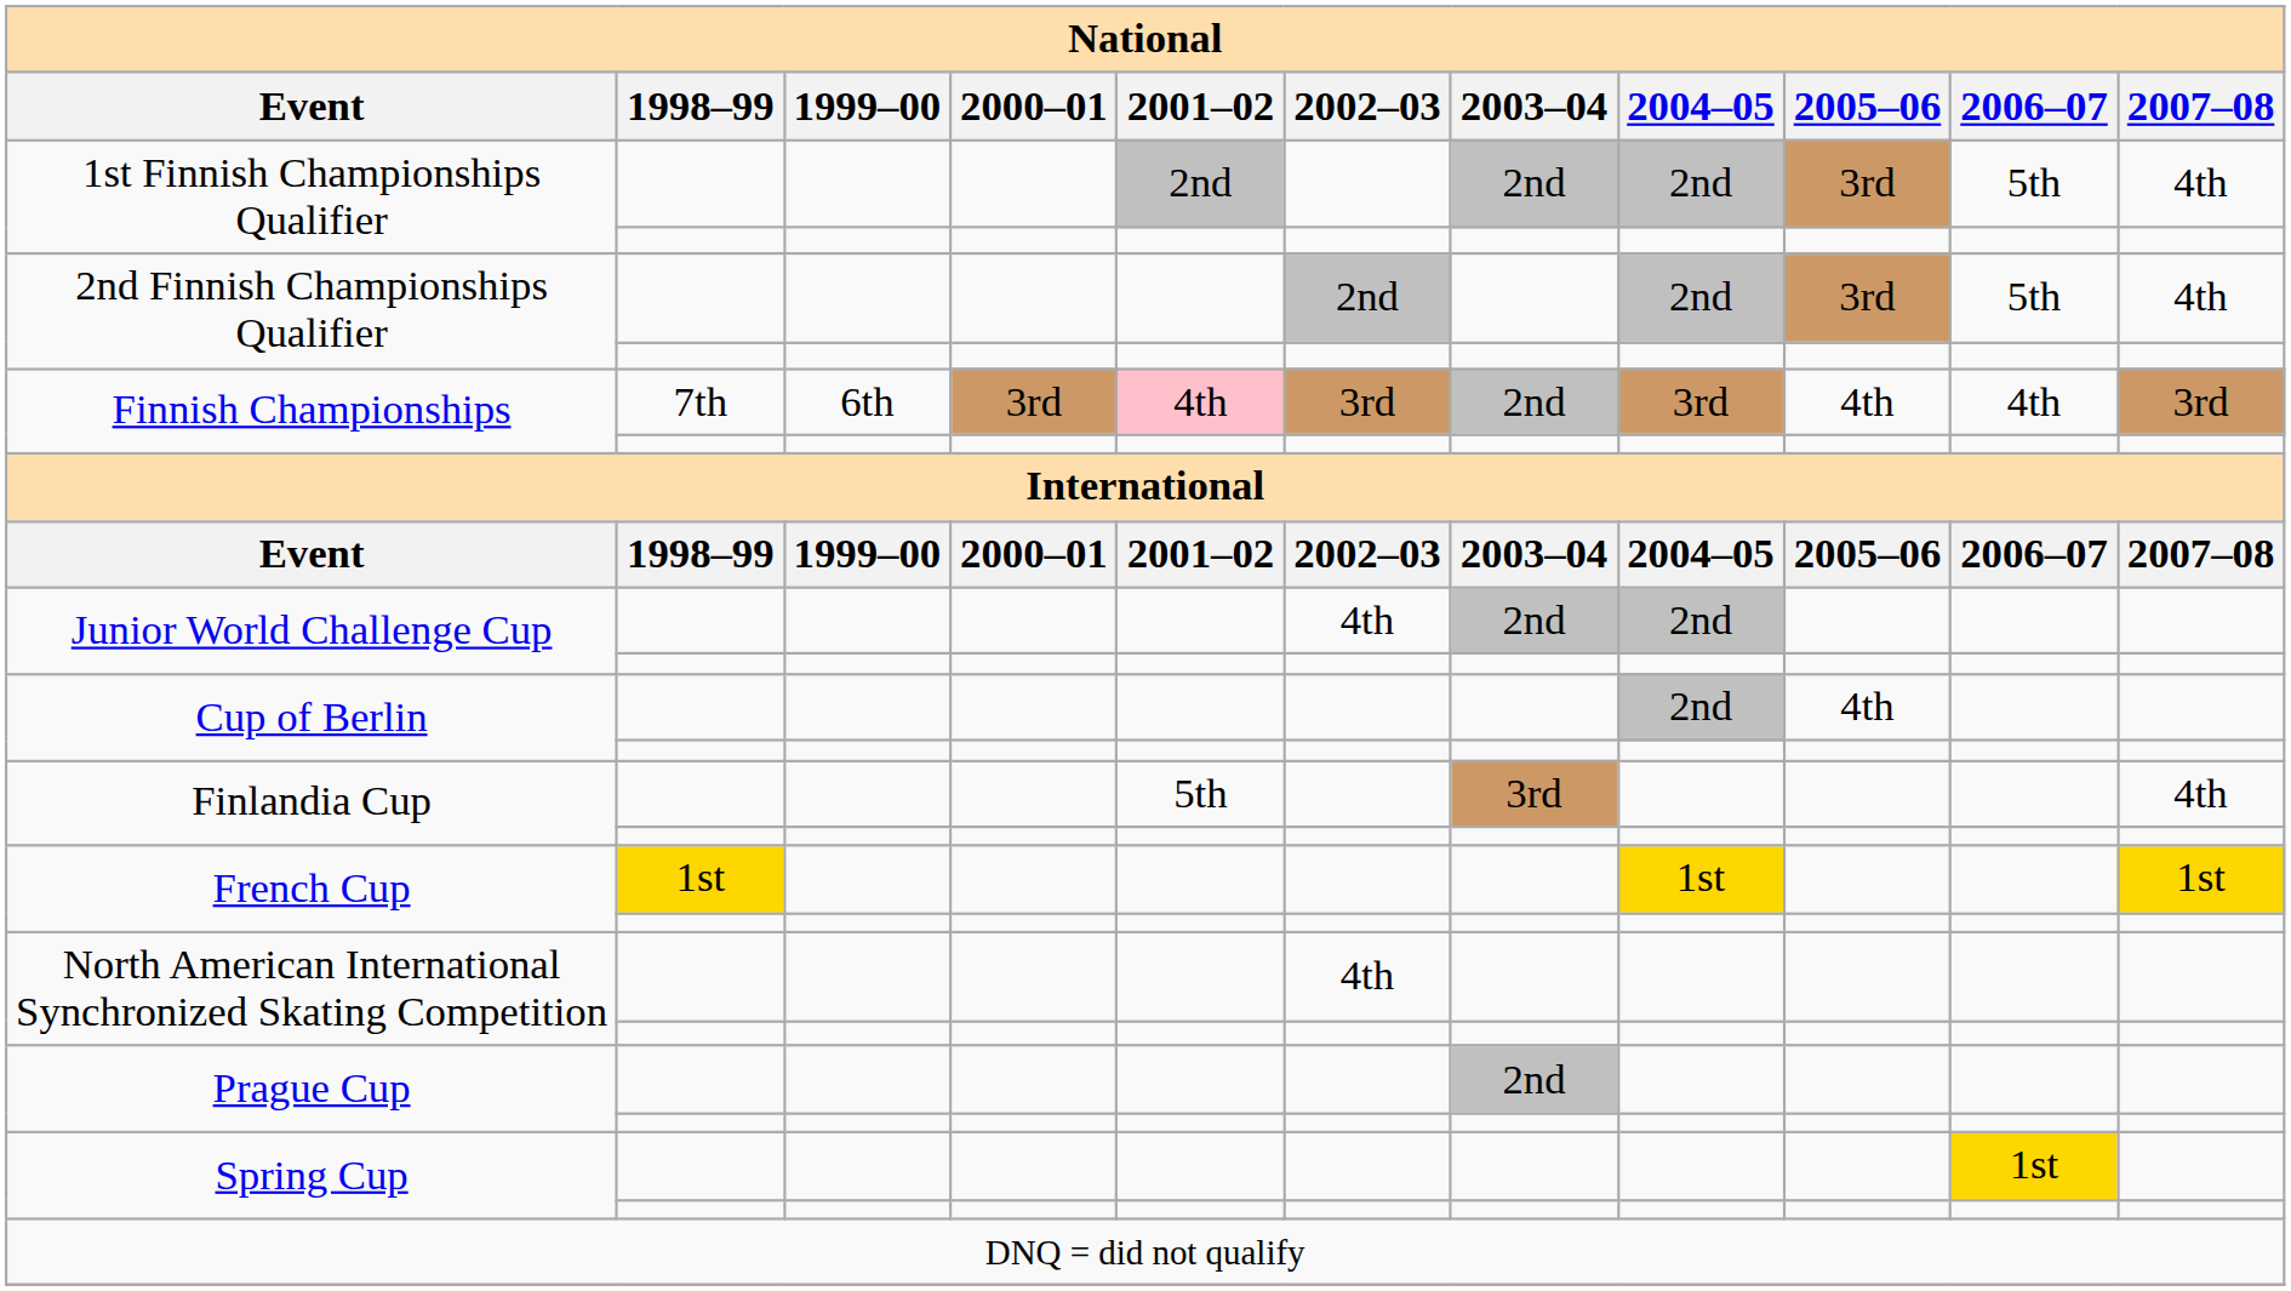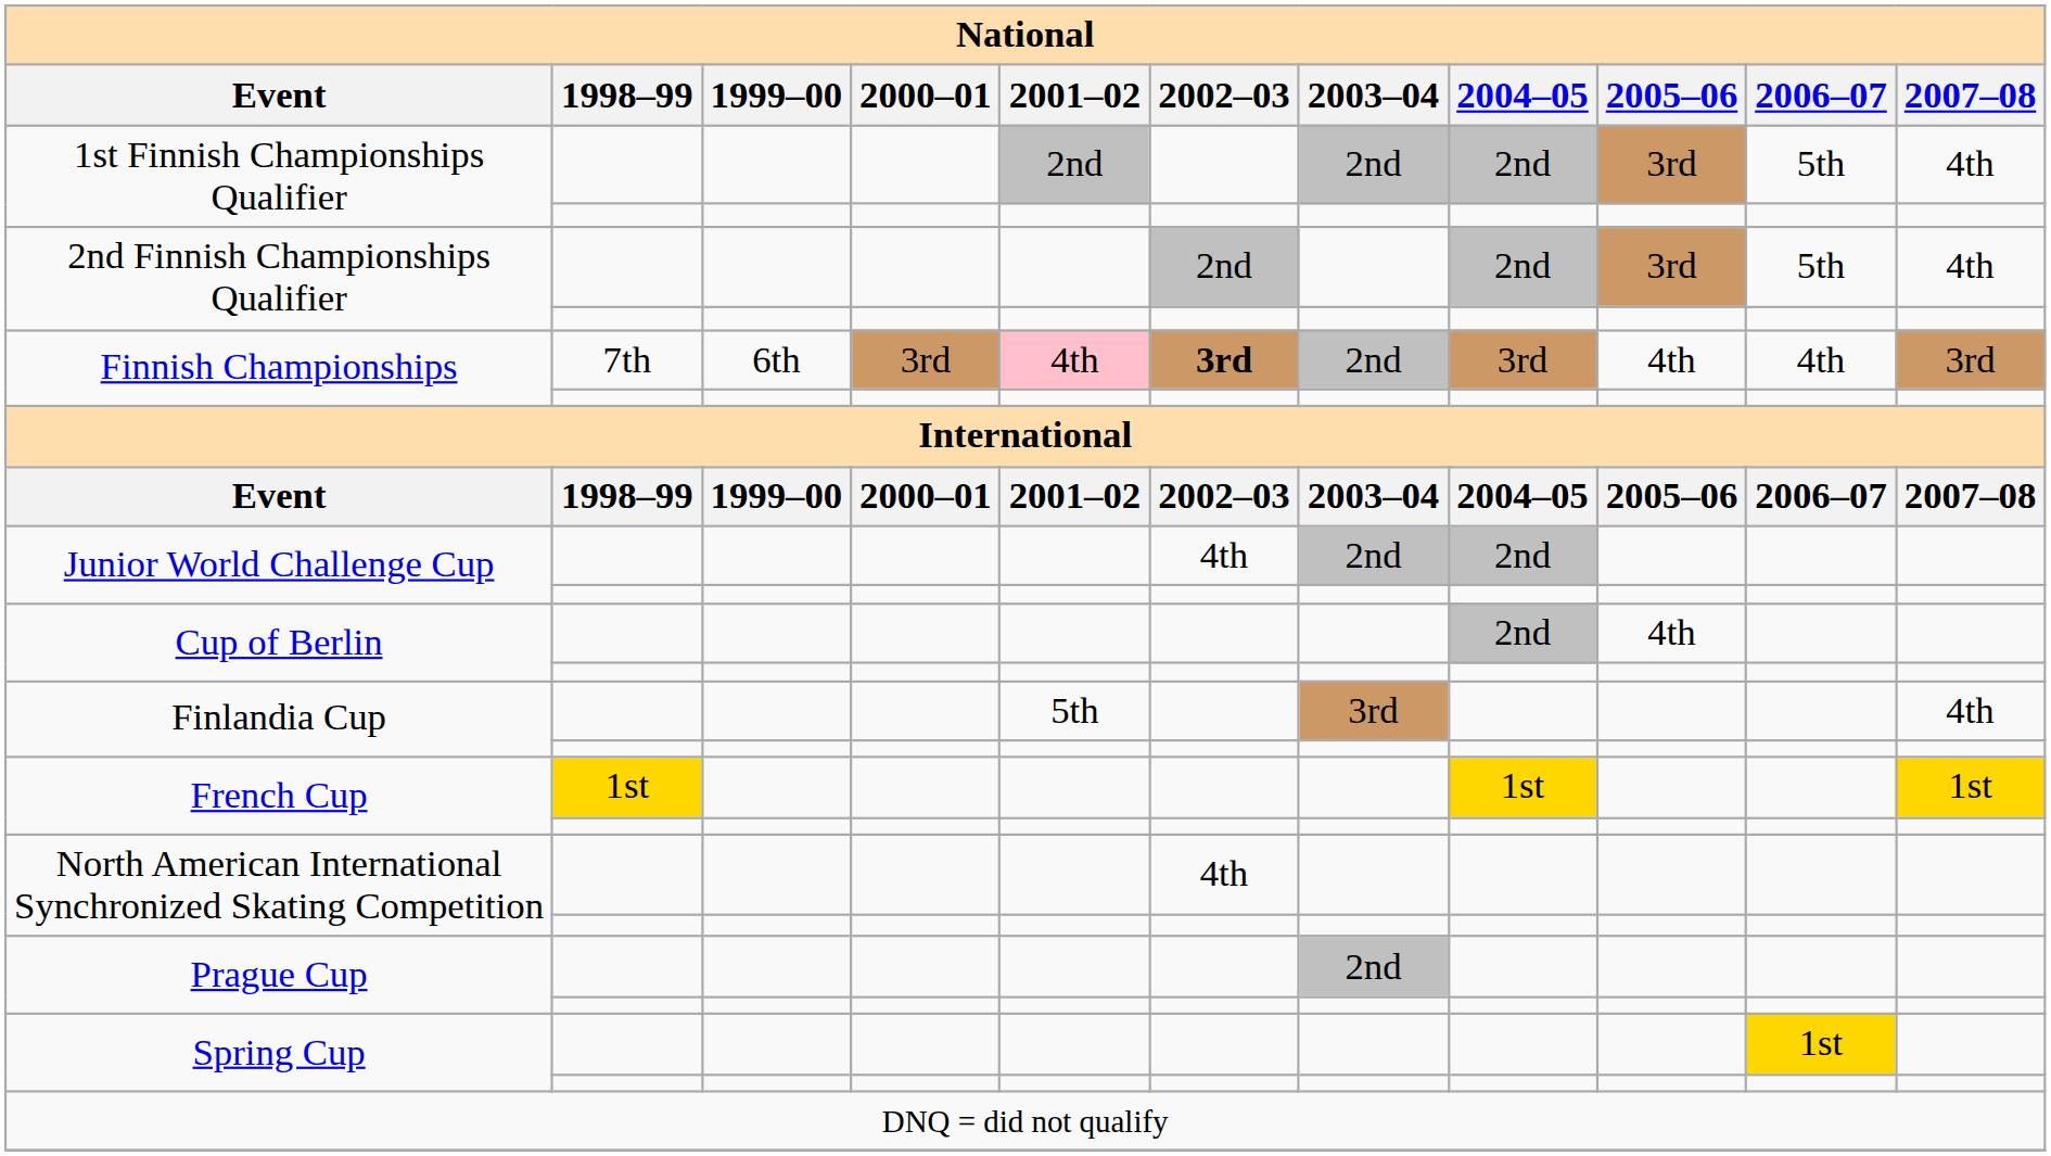 <table class="wikitable">
 <tr>
 <th style="background-color: #ffdead; " colspan="11" align="center"><strong>National</strong></th>
 </tr>
 <tr>
 <th>Event</th>
 <th>1998–99</th>
 <th>1999–00</th>
 <th>2000–01</th>
 <th>2001–02</th>
 <th>2002–03</th>
 <th>2003–04</th>
 <th><a href='#'>2004–05</a></th>
 <th><a href='#'>2005–06</a></th>
 <th><a href='#'>2006–07</a></th>
 <th><a href='#'>2007–08</a></th>
 </tr>
 <tr>
 <td align="center" rowspan="2">1st Finnish Championships<br>Qualifier</td>
 <td 1998-99 align="center"></td>
 <td 1999-00 align="center"></td>
 <td 2000-01 align="center"></td>
 <td 2001-02 align="center" bgcolor="silver">2nd</td>
 <td 2002-03 align="center"></td>
 <td 2003-04 align="center" bgcolor="silver">2nd</td>
 <td 2004-05 align="center" bgcolor="silver">2nd</td>
 <td 2005-06 align="center" bgcolor="cc9966">3rd</td>
 <td 2006-07 align="center">5th</td>
 <td 2007-08 align="center">4th</td>
 </tr>
 <tr>
 <td 1998-99 align="center"></td>
 <td 1999-00 align="center"></td>
 <td 2000-01 align="center"></td>
 <td 2001-02 align="center"></td>
 <td 2002-03 align="center"></td>
 <td 2003-04 align="center"></td>
 <td 2004-05 align="center"></td>
 <td 2005-06 align="center"></td>
 <td 2006-07 align="center"></td>
 <td 2007-08 align="center"></td>
 </tr>
 <tr>
 <td align="center" rowspan="2">2nd Finnish Championships<br>Qualifier</td>
 <td 1998-99 align="center"></td>
 <td 1999-00 align="center"></td>
 <td 2000-01 align="center"></td>
 <td 2001-02 align="center"></td>
 <td 2002-03 align="center" bgcolor="silver">2nd</td>
 <td 2003-04 align="center"></td>
 <td 2004-05 align="center" bgcolor="silver">2nd</td>
 <td 2005-06 align="center" bgcolor="cc9966">3rd</td>
 <td 2006-07 align="center">5th</td>
 <td 2007-08 align="center">4th</td>
 </tr>
 <tr>
 <td 1998-99 align="center"></td>
 <td 1999-00 align="center"></td>
 <td 2000-01 align="center"></td>
 <td 2001-02 align="center"></td>
 <td 2002-03 align="center"></td>
 <td 2003-04 align="center"></td>
 <td 2004-05 align="center"></td>
 <td 2005-06 align="center"></td>
 <td 2006-07 align="center"></td>
 <td 2007-08 align="center"></td>
 </tr>
 <tr>
 <td align="center" rowspan="2"><a href='#'>Finnish Championships</a></td>
 <td 1998-99 align="center">7th</td>
 <td 1999-00 align="center">6th</td>
 <td 2000-01 align="center" bgcolor="cc9966">3rd</td>
 <td 2001-02 align="center" style="background: pink;">4th</td>
-<td 2002-03 align="center" bgcolor="cc9966">3rd</td>
+<td 2002-03 align="center" bgcolor="cc9966"><strong>3rd</strong></td>
 <td 2003-04 align="center" bgcolor="silver">2nd</td>
 <td 2004-05 align="center" bgcolor="cc9966">3rd</td>
 <td 2005-06 align="center">4th</td>
 <td 2006-07 align="center">4th</td>
 <td 2007-08 align="center" bgcolor="cc9966">3rd</td>
 </tr>
 <tr>
 <td 1998-99 align="center"></td>
 <td 1999-00 align="center"></td>
 <td 2000-01 align="center"></td>
 <td 2001-02 align="center"></td>
 <td 2002-03 align="center"></td>
 <td 2003-04 align="center"></td>
 <td 2004-05 align="center"></td>
 <td 2005-06 align="center"></td>
 <td 2006-07 align="center"></td>
 <td 2007-08 align="center"></td>
 </tr>
 <tr>
 <th style="background-color: #ffdead; " colspan="11" align=center><strong>International</strong></th>
 </tr>
 <tr>
 <th>Event</th>
 <th>1998–99</th>
 <th>1999–00</th>
 <th>2000–01</th>
 <th>2001–02</th>
 <th>2002–03</th>
 <th>2003–04</th>
 <th>2004–05</th>
 <th>2005–06</th>
 <th>2006–07</th>
 <th>2007–08</th>
 </tr>
 <tr>
 <td align="center" rowspan="2"><a href='#'>Junior World Challenge Cup</a></td>
 <td 1998-99 align="center"></td>
 <td 1999-00 align="center"></td>
 <td 2000-01 align="center"></td>
 <td 2001-02 align="center"></td>
 <td 2002-03 align="center">4th</td>
 <td 2003-04 align="center" bgcolor="silver">2nd</td>
 <td 2004-05 align="center" bgcolor="silver">2nd</td>
 <td 2005-06 align="center"></td>
 <td 2006-07 align="center"></td>
 <td 2007-08 align="center"></td>
 </tr>
 <tr>
 <td 1998-99 align="center"></td>
 <td 1999-00 align="center"></td>
 <td 2000-01 align="center"></td>
 <td 2001-02 align="center"></td>
 <td 2002-03 align="center"></td>
 <td 2003-04 align="center"></td>
 <td 2004-05 align="center"></td>
 <td 2005-06 align="center"></td>
 <td 2006-07 align="center"></td>
 <td 2007-08 align="center"></td>
 </tr>
 <tr>
 <td align="center" rowspan="2"><a href='#'>Cup of Berlin</a></td>
 <td 1998-99 align="center"></td>
 <td 1999-00 align="center"></td>
 <td 2000-01 align="center"></td>
 <td 2001-02 align="center"></td>
 <td 2002-03 align="center"></td>
 <td 2003-04 align="center"></td>
 <td 2004-05 align="center" bgcolor="silver">2nd</td>
 <td 2005-06 align="center">4th</td>
 <td 2006-07 align="center"></td>
 <td 2007-08 align="center"></td>
 </tr>
 <tr>
 <td 1998-99 align="center"></td>
 <td 1999-00 align="center"></td>
 <td 2000-01 align="center"></td>
 <td 2001-02 align="center"></td>
 <td 2002-03 align="center"></td>
 <td 2003-04 align="center"></td>
 <td 2004-05 align="center"></td>
 <td 2005-06 align="center"></td>
 <td 2006-07 align="center"></td>
 <td 2007-08 align="center"></td>
 </tr>
 <tr>
 <td align="center" rowspan="2">Finlandia Cup</td>
 <td 1998-99 align="center"></td>
 <td 1999-00 align="center"></td>
 <td 2000-01 align="center"></td>
 <td 2001-02 align="center">5th</td>
 <td 2002-03 align="center"></td>
 <td 2003-04 align="center" bgcolor="cc9966">3rd</td>
 <td 2004-05 align="center"></td>
 <td 2005-06 align="center"></td>
 <td 2006-07 align="center"></td>
 <td 2007-08 align="center">4th</td>
 </tr>
 <tr>
 <td 1998-99 align="center"></td>
 <td 1999-00 align="center"></td>
 <td 2000-01 align="center"></td>
 <td 2001-02 align="center"></td>
 <td 2002-03 align="center"></td>
 <td 2003-04 align="center"></td>
 <td 2004-05 align="center"></td>
 <td 2005-06 align="center"></td>
 <td 2006-07 align="center"></td>
 <td 2007-08 align="center"></td>
 </tr>
 <tr>
 <td align="center" rowspan="2"><a href='#'>French Cup</a></td>
 <td 1998-99 align="center" bgcolor="gold">1st</td>
 <td 1999-00 align="center"></td>
 <td 2000-01 align="center"></td>
 <td 2001-02 align="center"></td>
 <td 2002-03 align="center"></td>
 <td 2003-04 align="center"></td>
 <td 2004-05 align="center" bgcolor="gold">1st</td>
 <td 2005-06 align="center"></td>
 <td 2006-07 align="center"></td>
 <td 2007-08 align="center" bgcolor="gold">1st</td>
 </tr>
 <tr>
 <td 1998-99 align="center"></td>
 <td 1999-00 align="center"></td>
 <td 2000-01 align="center"></td>
 <td 2001-02 align="center"></td>
 <td 2002-03 align="center"></td>
 <td 2003-04 align="center"></td>
 <td 2004-05 align="center"></td>
 <td 2005-06 align="center"></td>
 <td 2006-07 align="center"></td>
 <td 2007-08 align="center"></td>
 </tr>
 <tr>
 <td align="center" rowspan="2">North American International<br>Synchronized Skating Competition</td>
 <td 1998-99 align="center"></td>
 <td 1999-00 align="center"></td>
 <td 2000-01 align="center"></td>
 <td 2001-02 align="center"></td>
 <td 2002-03 align="center">4th</td>
 <td 2003-04 align="center"></td>
 <td 2004-05 align="center"></td>
 <td 2005-06 align="center"></td>
 <td 2006-07 align="center"></td>
 <td 2007-08 align="center"></td>
 </tr>
 <tr>
 <td 1998-99 align="center"></td>
 <td 1999-00 align="center"></td>
 <td 2000-01 align="center"></td>
 <td 2001-02 align="center"></td>
 <td 2002-03 align="center"></td>
 <td 2003-04 align="center"></td>
 <td 2004-05 align="center"></td>
 <td 2005-06 align="center"></td>
 <td 2006-07 align="center"></td>
 <td 2007-08 align="center"></td>
 </tr>
 <tr>
 <td align="center" rowspan="2"><a href='#'>Prague Cup</a></td>
 <td 1998-99 align="center"></td>
 <td 1999-00 align="center"></td>
 <td 2000-01 align="center"></td>
 <td 2001-02 align="center"></td>
 <td 2002-03 align="center"></td>
 <td 2003-04 align="center" bgcolor="silver">2nd</td>
 <td 2004-05 align="center"></td>
 <td 2005-06 align="center"></td>
 <td 2006-07 align="center"></td>
 <td 2007-08 align="center"></td>
 </tr>
 <tr>
 <td 1998-99 align="center"></td>
 <td 1999-00 align="center"></td>
 <td 2000-01 align="center"></td>
 <td 2001-02 align="center"></td>
 <td 2002-03 align="center"></td>
 <td 2003-04 align="center"></td>
 <td 2004-05 align="center"></td>
 <td 2005-06 align="center"></td>
 <td 2006-07 align="center"></td>
 <td 2007-08 align="center"></td>
 </tr>
 <tr>
 <td align="center" rowspan="2"><a href='#'>Spring Cup</a></td>
 <td 1998-99 align="center"></td>
 <td 1999-00 align="center"></td>
 <td 2000-01 align="center"></td>
 <td 2001-02 align="center"></td>
 <td 2002-03 align="center"></td>
 <td 2003-04 align="center"></td>
 <td 2004-05 align="center"></td>
 <td 2005-06 align="center"></td>
 <td 2006-07 align="center" bgcolor="gold">1st</td>
 <td 2007-08 align="center"></td>
 </tr>
 <tr>
 <td 1998-99 align="center"></td>
 <td 1999-00 align="center"></td>
 <td 2000-01 align="center"></td>
 <td 2001-02 align="center"></td>
 <td 2002-03 align="center"></td>
 <td 2003-04 align="center"></td>
 <td 2004-05 align="center"></td>
 <td 2005-06 align="center"></td>
 <td 2006-07 align="center"></td>
 <td 2007-08 align="center"></td>
 </tr>
 <tr>
 <td colspan="11" align="center"><small>DNQ = did not qualify</small></td>
 </tr>
 <tr>
 </tr>
 </table>
